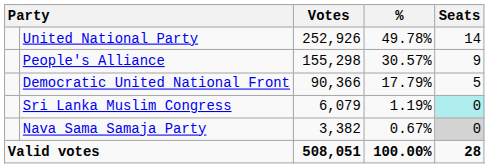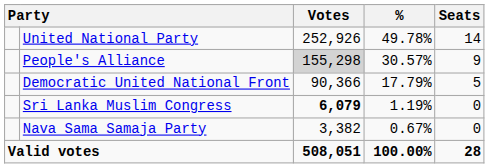 <table class="wikitable" style="text-align:right;">
 <tr>
 <th style="text-align:left;" colspan="2">Party</th>
 <th style="text-align:center; width:60px;">Votes</th>
 <th style="text-align:center; width:60px;">%</th>
 <th style="text-align:center; width:40px;">Seats</th>
 </tr>
 <tr>
 <td bgcolor=> </td>
 <td align=left><a href='#'>United National Party</a></td>
 <td>252,926</td>
 <td>49.78%</td>
 <td>14</td>
 </tr>
 <tr>
 <td bgcolor=> </td>
 <td align=left><a href='#'>People's Alliance</a></td>
-<td>155,298</td>
+<td style="background: lightgrey;">155,298</td>
 <td>30.57%</td>
 <td>9</td>
 </tr>
 <tr>
 <td bgcolor=> </td>
 <td align=left><a href='#'>Democratic United National Front</a></td>
 <td>90,366</td>
 <td>17.79%</td>
 <td>5</td>
 </tr>
 <tr>
 <td bgcolor=> </td>
 <td align=left><a href='#'>Sri Lanka Muslim Congress</a></td>
-<td>6,079</td>
+<td><strong>6,079</strong></td>
 <td>1.19%</td>
-<td style="background: paleturquoise;">0</td>
+<td>0</td>
 </tr>
 <tr>
 <td bgcolor=> </td>
 <td align=left><a href='#'>Nava Sama Samaja Party</a></td>
 <td>3,382</td>
 <td>0.67%</td>
-<td style="background: lightgrey;">0</td>
+<td>0</td>
 </tr>
 <tr style="font-weight:bold">
 <td style="text-align:left;" colspan="2">Valid votes</td>
 <td>508,051</td>
 <td>100.00%</td>
 <td>28</td>
 </tr>
 </table>
